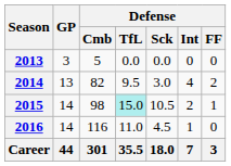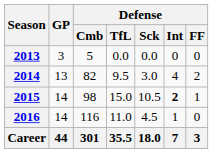 <table class="wikitable" style="text-align:center;">
 <tr>
 <th rowspan="2">Season</th>
 <th rowspan="2">GP</th>
 <th colspan="5">Defense</th>
 </tr>
 <tr>
 <th>Cmb</th>
 <th>TfL</th>
 <th>Sck</th>
 <th>Int</th>
 <th>FF</th>
 </tr>
 <tr>
 <th><a href='#'>2013</a></th>
 <td>3</td>
 <td>5</td>
 <td>0.0</td>
 <td>0.0</td>
 <td>0</td>
 <td>0</td>
 </tr>
 <tr>
 <th><a href='#'>2014</a></th>
 <td>13</td>
 <td>82</td>
 <td>9.5</td>
 <td>3.0</td>
 <td>4</td>
 <td>2</td>
 </tr>
 <tr>
 <th><a href='#'>2015</a></th>
 <td>14</td>
 <td>98</td>
-<td style="background: paleturquoise;">15.0</td>
+<td>15.0</td>
 <td>10.5</td>
-<td>2</td>
+<td><strong>2</strong></td>
 <td>1</td>
 </tr>
 <tr>
 <th><a href='#'>2016</a></th>
 <td>14</td>
 <td>116</td>
 <td>11.0</td>
 <td>4.5</td>
 <td>1</td>
 <td>0</td>
 </tr>
 <tr>
 <th>Career</th>
 <th>44</th>
 <th>301</th>
 <th>35.5</th>
 <th>18.0</th>
 <th>7</th>
 <th>3</th>
 </tr>
 </table>
